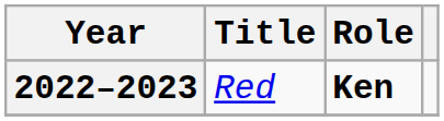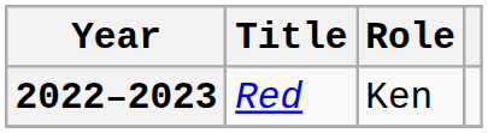 <table class="wikitable sortable plainrowheaders">
 <tr>
 <th scope="col">Year</th>
 <th scope="col">Title</th>
 <th scope="col">Role</th>
 <th scope="col" class="unsortable"></th>
 </tr>
 <tr>
 <th scope="row">2022–2023</th>
 <td><em><a href='#'>Red</a></em></td>
-<td><strong>Ken</strong></td>
+<td>Ken</td>
 <td></td>
 </tr>
 <tr>
 </tr>
 </table>
